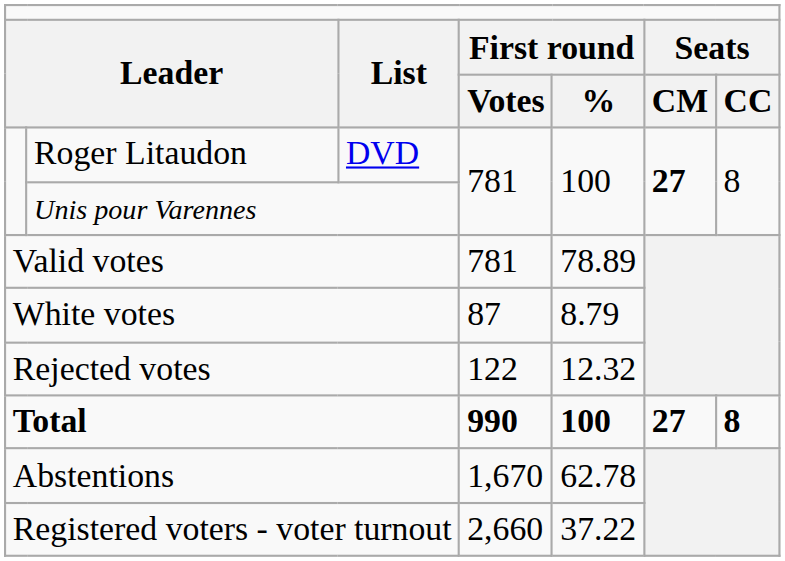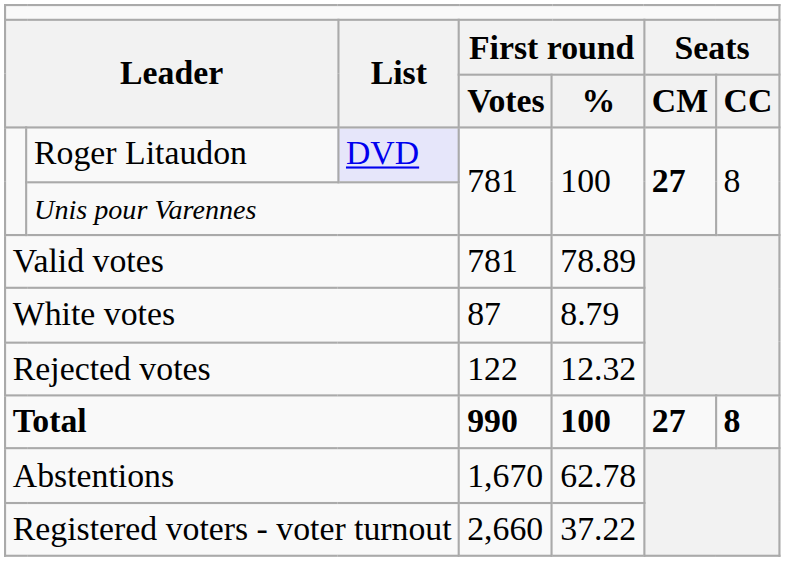 <table class="wikitable">
 <tr>
 <td colspan="7"></td>
 </tr>
 <tr>
 <th colspan="2" rowspan="2">Leader</th>
 <th rowspan="2">List</th>
 <th colspan="2">First round</th>
 <th colspan="2">Seats</th>
 </tr>
 <tr>
 <th>Votes</th>
 <th>%</th>
 <th>CM</th>
 <th>CC</th>
 </tr>
 <tr>
 <td rowspan="2"></td>
 <td>Roger Litaudon</td>
-<td><a href='#'>DVD</a></td>
+<td style="background: lavender;"><a href='#'>DVD</a></td>
 <td rowspan="2">781</td>
 <td rowspan="2">100</td>
 <td rowspan="2"><strong>27</strong></td>
 <td rowspan="2">8</td>
 </tr>
 <tr>
 <td colspan="2"><em><small>Unis pour Varennes</small></em></td>
 </tr>
 <tr>
 <td colspan="3">Valid votes</td>
 <td>781</td>
 <td>78.89</td>
 <th colspan="2" rowspan="3"></th>
 </tr>
 <tr>
 <td colspan="3">White votes</td>
 <td>87</td>
 <td>8.79</td>
 </tr>
 <tr>
 <td colspan="3">Rejected votes</td>
 <td>122</td>
 <td>12.32</td>
 </tr>
 <tr>
 <td colspan="3"><strong>Total</strong></td>
 <td><strong>990</strong></td>
 <td><strong>100</strong></td>
 <td><strong>27</strong></td>
 <td><strong>8</strong></td>
 </tr>
 <tr>
 <td colspan="3">Abstentions</td>
 <td>1,670</td>
 <td>62.78</td>
 <th colspan="2" rowspan="2"></th>
 </tr>
 <tr>
 <td colspan="3">Registered voters - voter turnout</td>
 <td>2,660</td>
 <td>37.22</td>
 </tr>
 </table>
